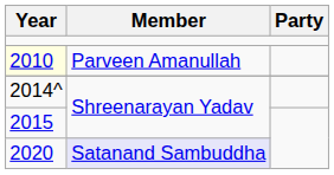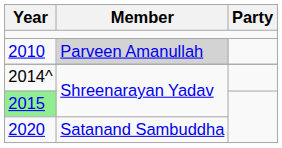 <table class="wikitable sortable">
 <tr>
 <th>Year</th>
 <th>Member</th>
 <th colspan="2">Party</th>
 </tr>
 <tr>
 <td colspan="4"></td>
 </tr>
 <tr>
-<td style="background: lightyellow;"><a href='#'>2010</a></td>
-<td><a href='#'>Parveen Amanullah</a></td>
+<td><a href='#'>2010</a></td>
+<td style="background: lightgrey;"><a href='#'>Parveen Amanullah</a></td>
 <td></td>
 </tr>
 <tr>
 </tr>
 <tr>
 <td>2014^</td>
 <td rowspan="2"><a href='#'>Shreenarayan Yadav</a></td>
 <td></td>
 </tr>
 <tr>
-<td><a href='#'>2015</a></td>
+<td style="background: lightgreen;"><a href='#'>2015</a></td>
 </tr>
 <tr>
 <td><a href='#'>2020</a></td>
-<td style="background: lavender;"><a href='#'>Satanand Sambuddha</a></td>
+<td><a href='#'>Satanand Sambuddha</a></td>
 </tr>
 </table>
